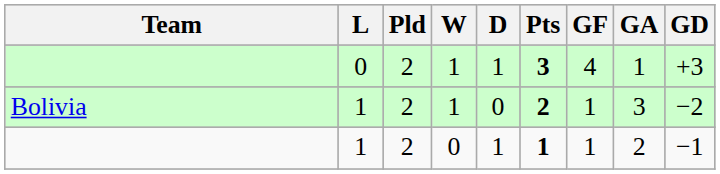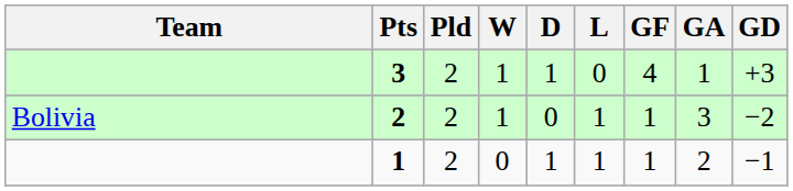 <table class=wikitable style=text-align:center>
 <tr>
 <th width=200>Team</th>
-<th width=20>L</th>
+<th width=20>Pts</th>
 <th width=20>Pld</th>
 <th width=20>W</th>
 <th width=20>D</th>
-<th width=20>Pts</th>
+<th width=20>L</th>
 <th width=20>GF</th>
 <th width=20>GA</th>
 <th width=20>GD</th>
 </tr>
 <tr style="background:#ccffcc;">
 <td align=left></td>
-<td>0</td>
+<td><strong>3</strong></td>
 <td>2</td>
 <td>1</td>
 <td>1</td>
-<td><strong>3</strong></td>
+<td>0</td>
 <td>4</td>
 <td>1</td>
 <td>+3</td>
 </tr>
 <tr style="background:#ccffcc;">
 <td align=left> <a href='#'>Bolivia</a></td>
-<td>1</td>
+<td><strong>2</strong></td>
 <td>2</td>
 <td>1</td>
 <td>0</td>
-<td><strong>2</strong></td>
+<td>1</td>
 <td>1</td>
 <td>3</td>
 <td>−2</td>
 </tr>
 <tr>
 <td align=left></td>
-<td>1</td>
+<td><strong>1</strong></td>
 <td>2</td>
 <td>0</td>
 <td>1</td>
-<td><strong>1</strong></td>
+<td>1</td>
 <td>1</td>
 <td>2</td>
 <td>−1</td>
 </tr>
 </table>
